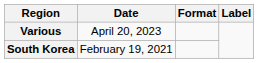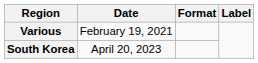 <table class="wikitable plainrowheaders" style="text-align:center;">
 <tr>
 <th scope="col">Region</th>
 <th scope="col">Date</th>
 <th scope="col">Format</th>
 <th scope="col">Label</th>
 </tr>
 <tr>
 <th scope="row">Various </th>
-<td>April 20, 2023</td>
+<td>February 19, 2021</td>
 <td></td>
 <td rowspan="2"></td>
 </tr>
 <tr>
 <th scope="row">South Korea</th>
-<td>February 19, 2021</td>
+<td>April 20, 2023</td>
 <td></td>
 </tr>
 </table>
